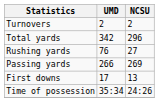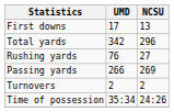 <table class="wikitable">
 <tr>
 <th>Statistics</th>
 <th>UMD</th>
 <th>NCSU</th>
 </tr>
 <tr>
-<td>Turnovers</td>
-<td>2</td>
-<td>2</td>
+<td>First downs</td>
+<td>17</td>
+<td>13</td>
 </tr>
 <tr>
 <td>Total yards</td>
 <td>342</td>
 <td>296</td>
 </tr>
 <tr>
 <td>Rushing yards</td>
 <td>76</td>
 <td>27</td>
 </tr>
 <tr>
 <td>Passing yards</td>
 <td>266</td>
 <td>269</td>
 </tr>
 <tr>
-<td>First downs</td>
-<td>17</td>
-<td>13</td>
+<td>Turnovers</td>
+<td>2</td>
+<td>2</td>
 </tr>
 <tr>
 <td>Time of possession</td>
 <td>35:34</td>
 <td>24:26</td>
 </tr>
 <tr>
 </tr>
 </table>
